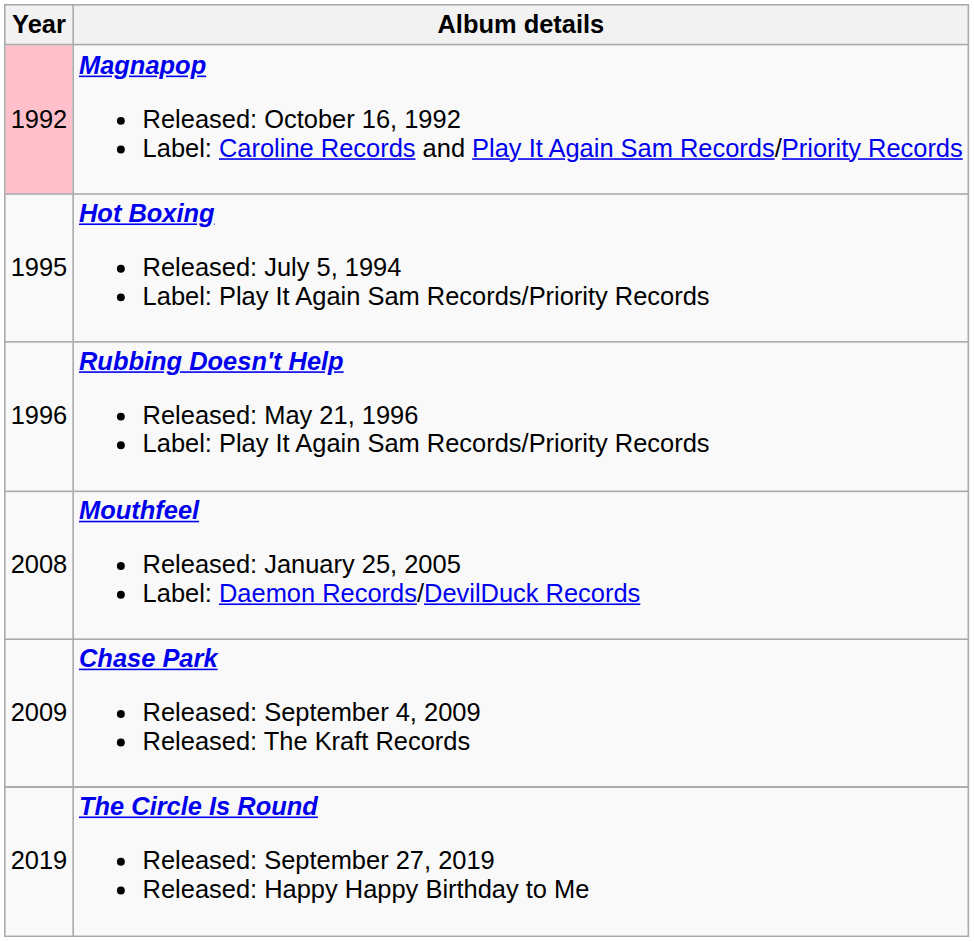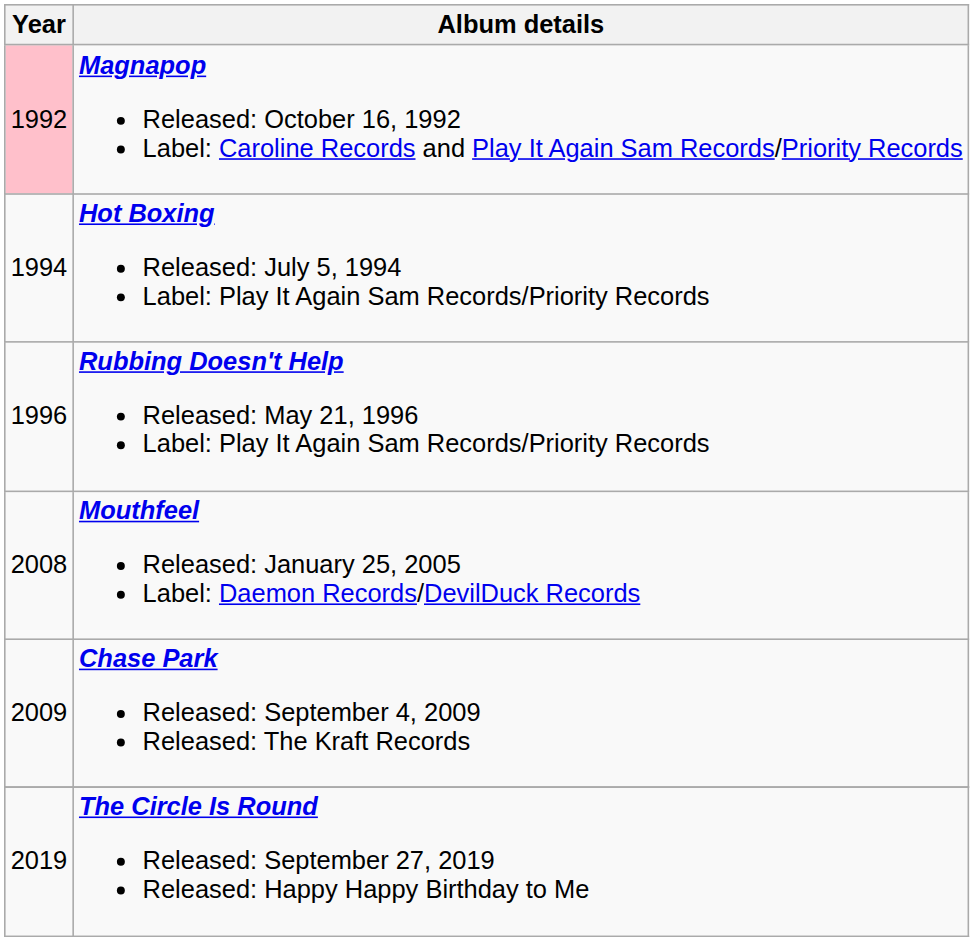 <table class="wikitable">
 <tr>
 <th>Year</th>
 <th>Album details</th>
 </tr>
 <tr>
 <td style="background: pink;">1992</td>
 <td><strong><em><a href='#'>Magnapop</a></em></strong><br><ul><li>Released: October 16, 1992</li><li>Label: <a href='#'>Caroline Records</a> and <a href='#'>Play It Again Sam Records</a>/<a href='#'>Priority Records</a></li></ul></td>
 </tr>
 <tr>
-<td>1995</td>
+<td>1994</td>
 <td><strong><em><a href='#'>Hot Boxing</a></em></strong><br><ul><li>Released: July 5, 1994</li><li>Label: Play It Again Sam Records/Priority Records</li></ul></td>
 </tr>
 <tr>
 <td>1996</td>
 <td><strong><em><a href='#'>Rubbing Doesn't Help</a></em></strong><br><ul><li>Released: May 21, 1996</li><li>Label: Play It Again Sam Records/Priority Records</li></ul></td>
 </tr>
 <tr>
 <td>2008</td>
 <td><strong><em><a href='#'>Mouthfeel</a></em></strong><br><ul><li>Released: January 25, 2005</li><li>Label: <a href='#'>Daemon Records</a>/<a href='#'>DevilDuck Records</a></li></ul></td>
 </tr>
 <tr>
 <td>2009</td>
 <td><strong><em><a href='#'>Chase Park</a></em></strong><br><ul><li>Released: September 4, 2009</li><li>Released: The Kraft Records</li></ul></td>
 </tr>
 <tr>
 </tr>
 <tr>
 <td>2019</td>
 <td><strong><em><a href='#'>The Circle Is Round</a></em></strong><br><ul><li>Released: September 27, 2019</li><li>Released: Happy Happy Birthday to Me</li></ul></td>
 </tr>
 <tr>
 </tr>
 </table>
